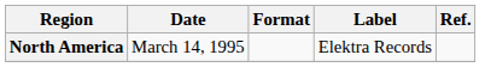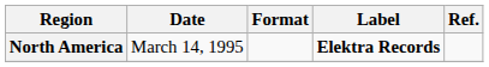 <table class="wikitable plainrowheaders">
 <tr>
 <th scope="col">Region</th>
 <th scope="col">Date</th>
 <th scope="col">Format</th>
 <th scope="col">Label</th>
 <th scope="col">Ref.</th>
 </tr>
 <tr>
 <th scope="row">North America</th>
 <td>March 14, 1995</td>
 <td></td>
-<td>Elektra Records</td>
+<td><strong>Elektra Records</strong></td>
 <td></td>
 </tr>
 <tr>
 </tr>
 </table>
